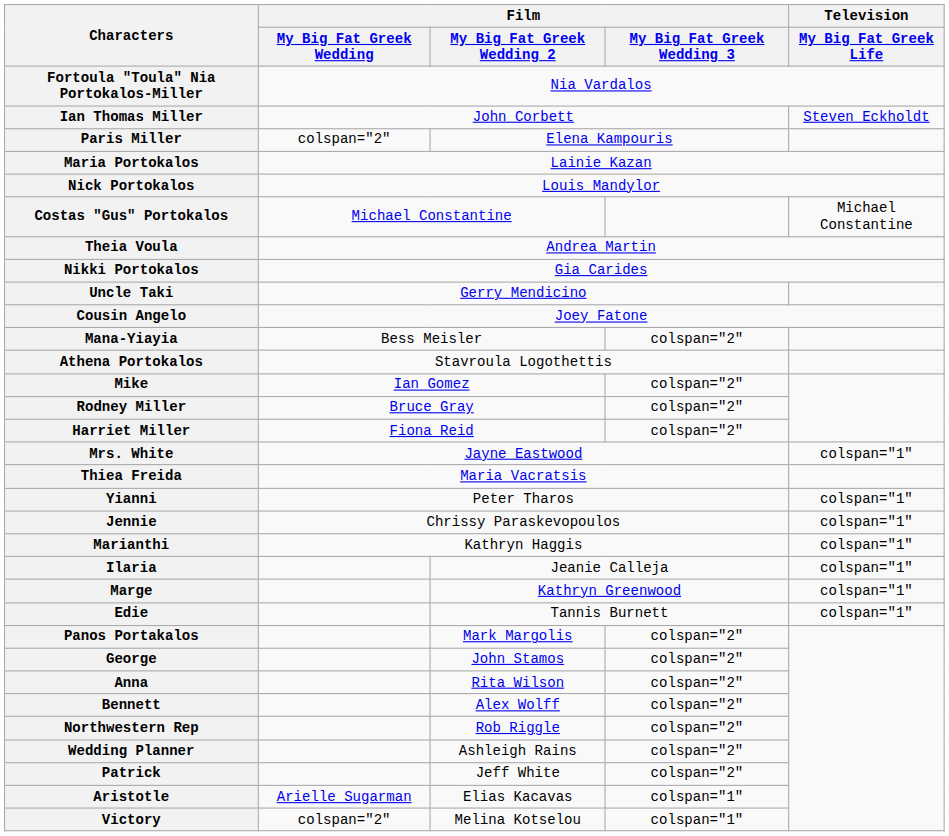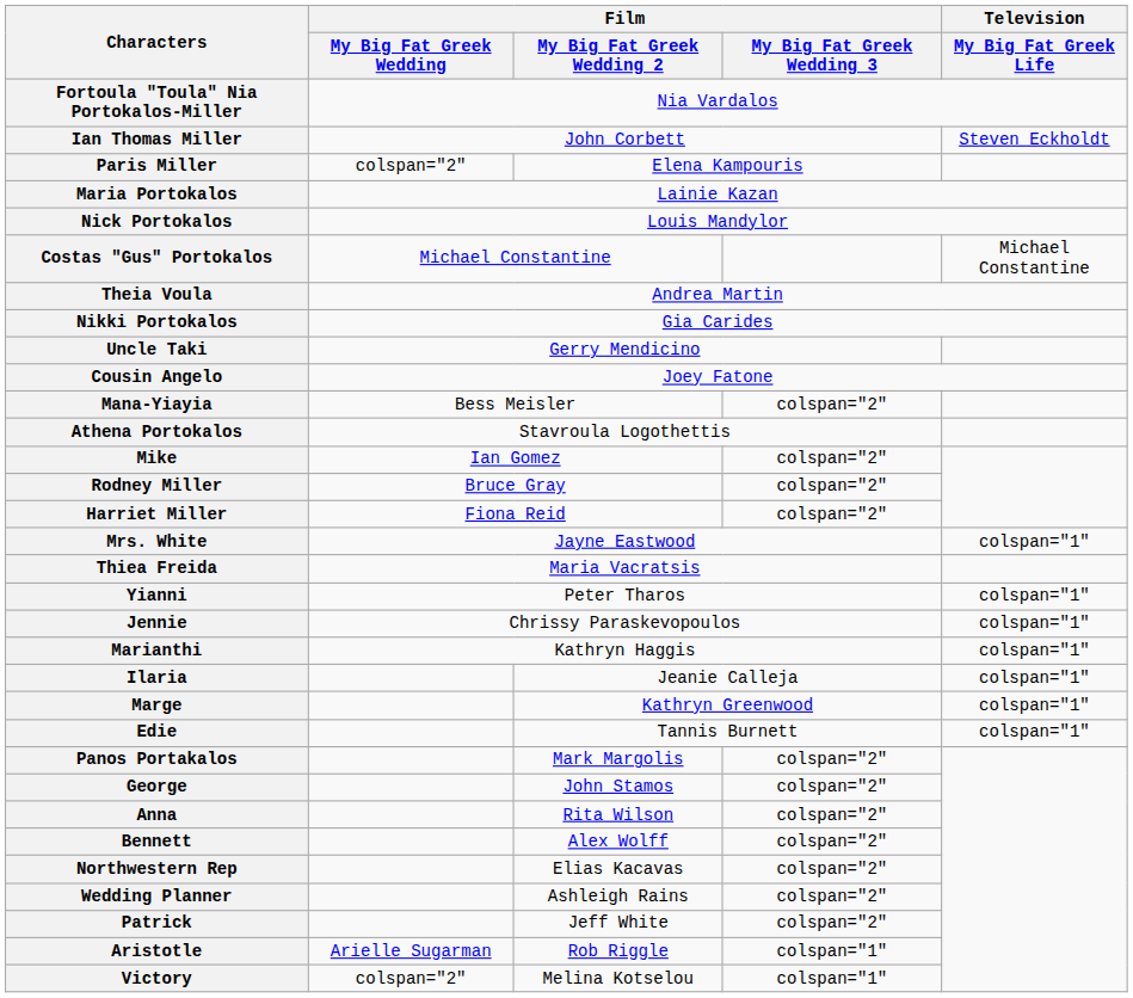 <table class="wikitable" style="text-align:center;">
 <tr>
 <th rowspan="2">Characters</th>
 <th colspan="3">Film</th>
 <th>Television</th>
 </tr>
 <tr>
 <th><a href='#'>My Big Fat Greek Wedding</a></th>
 <th><a href='#'>My Big Fat Greek Wedding 2</a></th>
 <th><a href='#'>My Big Fat Greek Wedding 3</a></th>
 <th><a href='#'>My Big Fat Greek Life</a></th>
 </tr>
 <tr>
 <th>Fortoula "Toula" Nia Portokalos-Miller</th>
 <td colspan="4"><a href='#'>Nia Vardalos</a></td>
 </tr>
 <tr>
 <th>Ian Thomas Miller</th>
 <td colspan="3"><a href='#'>John Corbett</a></td>
 <td><a href='#'>Steven Eckholdt</a></td>
 </tr>
 <tr>
 <th>Paris Miller</th>
 <td>colspan="2" </td>
 <td colspan="2"><a href='#'>Elena Kampouris</a></td>
 <td></td>
 </tr>
 <tr>
 <th>Maria Portokalos</th>
 <td colspan="4"><a href='#'>Lainie Kazan</a></td>
 </tr>
 <tr>
 <th>Nick Portokalos</th>
 <td colspan="4"><a href='#'>Louis Mandylor</a></td>
 </tr>
 <tr>
 <th>Costas "Gus" Portokalos</th>
 <td colspan="2"><a href='#'>Michael Constantine</a></td>
 <td></td>
 <td colspan="1">Michael Constantine</td>
 </tr>
 <tr>
 <th>Theia Voula</th>
 <td colspan="4"><a href='#'>Andrea Martin</a></td>
 </tr>
 <tr>
 <th>Nikki Portokalos</th>
 <td colspan="4"><a href='#'>Gia Carides</a></td>
 </tr>
 <tr>
 <th>Uncle Taki</th>
 <td colspan="3"><a href='#'>Gerry Mendicino</a></td>
 <td></td>
 </tr>
 <tr>
 <th>Cousin Angelo</th>
 <td colspan="4"><a href='#'>Joey Fatone</a></td>
 </tr>
 <tr>
 <th>Mana-Yiayia</th>
 <td colspan="2">Bess Meisler</td>
 <td>colspan="2" </td>
 </tr>
 <tr>
 <th>Athena Portokalos</th>
 <td colspan="3">Stavroula Logothettis</td>
 <td></td>
 </tr>
 <tr>
 <th>Mike</th>
 <td colspan="2"><a href='#'>Ian Gomez</a></td>
 <td>colspan="2" </td>
 </tr>
 <tr>
 <th>Rodney Miller</th>
 <td colspan="2"><a href='#'>Bruce Gray</a></td>
 <td>colspan="2" </td>
 </tr>
 <tr>
 <th>Harriet Miller</th>
 <td colspan="2"><a href='#'>Fiona Reid</a></td>
 <td>colspan="2" </td>
 </tr>
 <tr>
 <th>Mrs. White</th>
 <td colspan="3"><a href='#'>Jayne Eastwood</a></td>
 <td>colspan="1" </td>
 </tr>
 <tr>
 <th>Thiea Freida</th>
 <td colspan="3"><a href='#'>Maria Vacratsis</a></td>
 <td></td>
 </tr>
 <tr>
 <th>Yianni</th>
 <td colspan="3">Peter Tharos</td>
 <td>colspan="1" </td>
 </tr>
 <tr>
 <th>Jennie</th>
 <td colspan="3">Chrissy Paraskevopoulos</td>
 <td>colspan="1" </td>
 </tr>
 <tr>
 <th>Marianthi</th>
 <td colspan="3">Kathryn Haggis</td>
 <td>colspan="1" </td>
 </tr>
 <tr>
 <th>Ilaria</th>
 <td></td>
 <td colspan="2">Jeanie Calleja</td>
 <td>colspan="1" </td>
 </tr>
 <tr>
 <th>Marge</th>
 <td></td>
 <td colspan="2"><a href='#'>Kathryn Greenwood</a></td>
 <td>colspan="1" </td>
 </tr>
 <tr>
 <th>Edie</th>
 <td></td>
 <td colspan="2">Tannis Burnett</td>
 <td>colspan="1" </td>
 </tr>
 <tr>
 <th>Panos Portakalos</th>
 <td></td>
 <td colspan="1"><a href='#'>Mark Margolis</a></td>
 <td>colspan="2" </td>
 </tr>
 <tr>
 <th>George</th>
 <td></td>
 <td colspan="1"><a href='#'>John Stamos</a></td>
 <td>colspan="2" </td>
 </tr>
 <tr>
 <th>Anna</th>
 <td></td>
 <td colspan="1"><a href='#'>Rita Wilson</a></td>
 <td>colspan="2" </td>
 </tr>
 <tr>
 <th>Bennett</th>
 <td></td>
 <td colspan="1"><a href='#'>Alex Wolff</a></td>
 <td>colspan="2" </td>
 </tr>
 <tr>
 <th>Northwestern Rep</th>
 <td></td>
-<td colspan="1"><a href='#'>Rob Riggle</a></td>
+<td colspan="1">Elias Kacavas</td>
 <td>colspan="2" </td>
 </tr>
 <tr>
 <th>Wedding Planner</th>
 <td></td>
 <td colspan="1">Ashleigh Rains</td>
 <td>colspan="2" </td>
 </tr>
 <tr>
 <th>Patrick</th>
 <td></td>
 <td colspan="1">Jeff White</td>
 <td>colspan="2" </td>
 </tr>
 <tr>
 <th>Aristotle</th>
 <td><a href='#'>Arielle Sugarman</a></td>
-<td colspan="1">Elias Kacavas</td>
+<td colspan="1"><a href='#'>Rob Riggle</a></td>
 <td>colspan="1" </td>
 </tr>
 <tr>
 <th>Victory</th>
 <td>colspan="2" </td>
 <td colspan="1">Melina Kotselou</td>
 <td>colspan="1" </td>
 </tr>
 </table>
